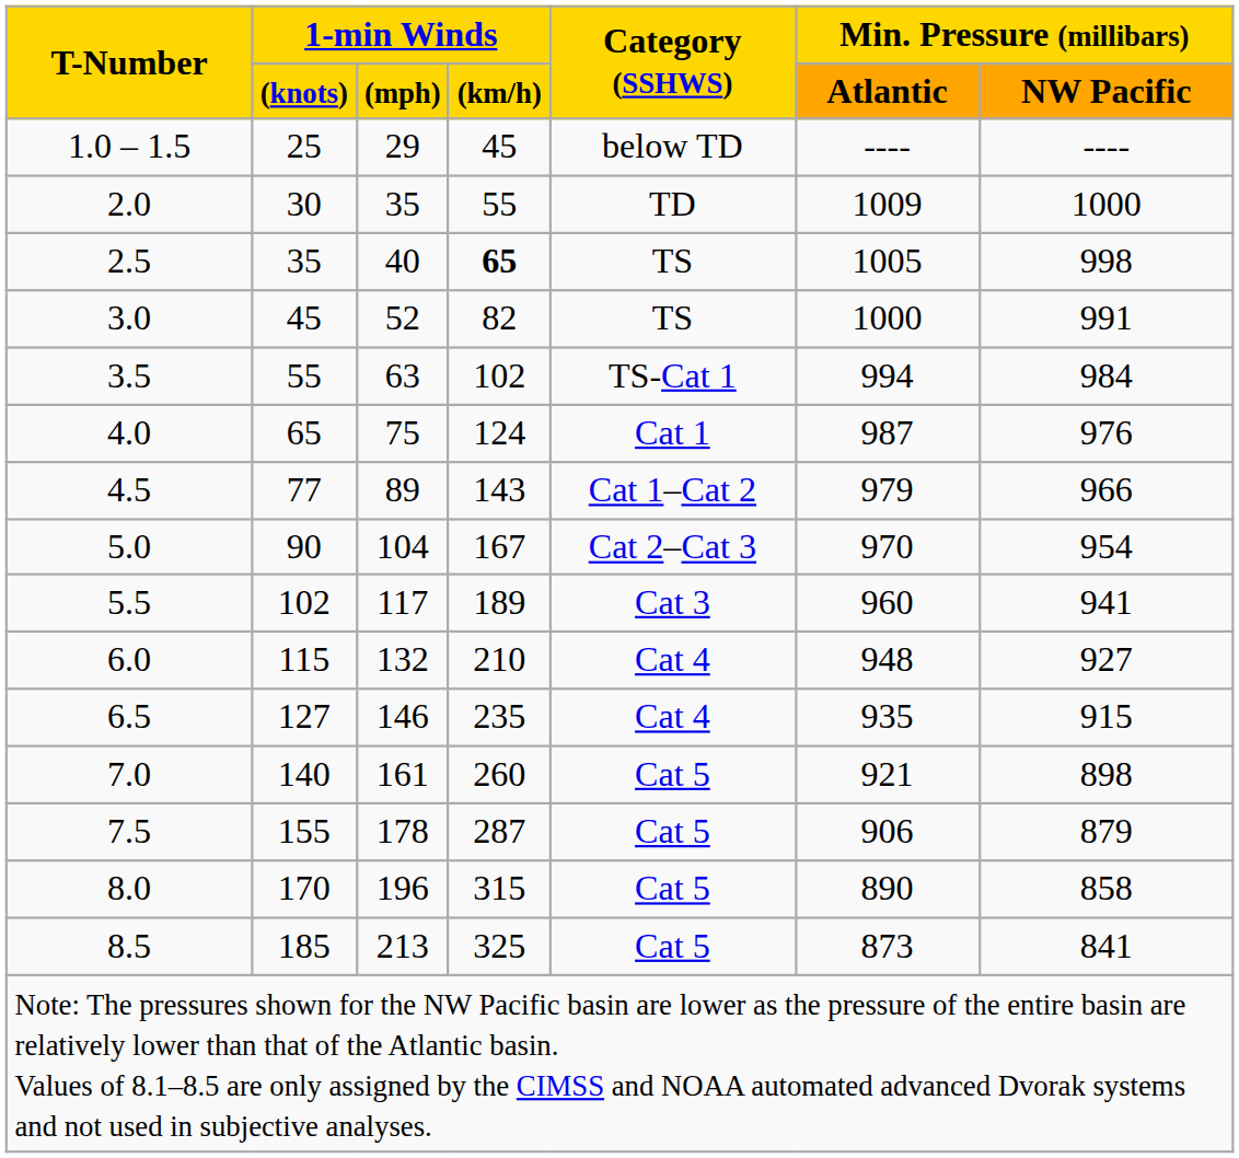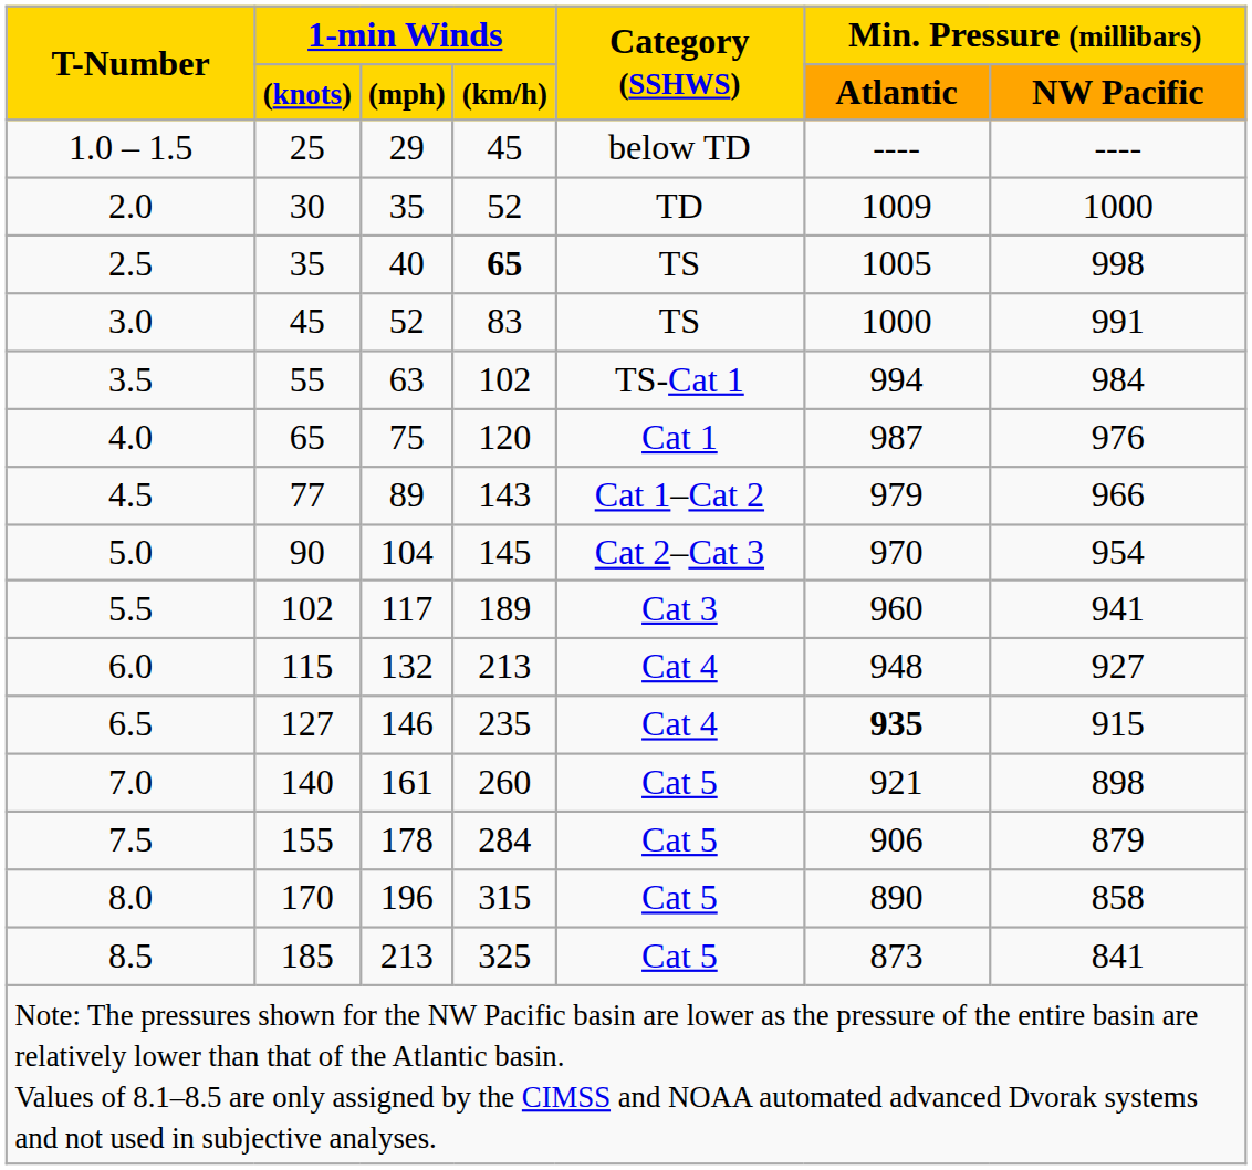 <table class="wikitable" style="float:right; margin-left:1.5em; width:35em; text-align:center; font-size: 92%;">
 <tr>
 <th rowspan=2 width=20% style="background:gold">T-Number</th>
 <th colspan=3 width=20% style="background:gold"><a href='#'>1-min Winds</a></th>
 <th rowspan=2 width=20% style="background:gold">Category <small>(<a href='#'>SSHWS</a>)</small></th>
 <th colspan=2  style="background:gold">Min. Pressure <small>(millibars)</small></th>
 </tr>
 <tr>
 <th style="background:gold"><small>(<a href='#'>knots</a>)</small></th>
 <th style="background:gold"><small>(mph)</small></th>
 <th style="background:gold"><small>(km/h)</small></th>
 <th width=15% style="background:orange">Atlantic</th>
 <th style="background:orange">NW Pacific</th>
 </tr>
 <tr>
 <td>1.0 – 1.5</td>
 <td>25</td>
 <td>29</td>
 <td>45</td>
 <td style="background: #">below TD</td>
 <td>----</td>
 <td>----</td>
 </tr>
 <tr>
 <td>2.0</td>
 <td>30</td>
 <td>35</td>
-<td>55</td>
+<td>52</td>
 <td style="background: #">TD</td>
 <td>1009</td>
 <td>1000</td>
 </tr>
 <tr>
 <td>2.5</td>
 <td>35</td>
 <td>40</td>
 <td><strong>65</strong></td>
 <td style="background: #">TS</td>
 <td>1005</td>
 <td>998</td>
 </tr>
 <tr>
 <td>3.0</td>
 <td>45</td>
 <td>52</td>
-<td>82</td>
+<td>83</td>
 <td style="background: #">TS</td>
 <td>1000</td>
 <td>991</td>
 </tr>
 <tr>
 <td>3.5</td>
 <td>55</td>
 <td>63</td>
 <td>102</td>
 <td style="background: #">TS-<a href='#'>Cat 1</a></td>
 <td>994</td>
 <td>984</td>
 </tr>
 <tr>
 <td>4.0</td>
 <td>65</td>
 <td>75</td>
-<td>124</td>
+<td>120</td>
 <td style="background: #"><a href='#'>Cat 1</a></td>
 <td>987</td>
 <td>976</td>
 </tr>
 <tr>
 <td>4.5</td>
 <td>77</td>
 <td>89</td>
 <td>143</td>
 <td style="background: #"><a href='#'>Cat 1</a>–<a href='#'>Cat 2</a></td>
 <td>979</td>
 <td>966</td>
 </tr>
 <tr>
 <td>5.0</td>
 <td>90</td>
 <td>104</td>
-<td>167</td>
+<td>145</td>
 <td style="background: #"><a href='#'>Cat 2</a>–<a href='#'>Cat 3</a></td>
 <td>970</td>
 <td>954</td>
 </tr>
 <tr>
 <td>5.5</td>
 <td>102</td>
 <td>117</td>
 <td>189</td>
 <td style="background: #"><a href='#'>Cat 3</a></td>
 <td>960</td>
 <td>941</td>
 </tr>
 <tr>
 <td>6.0</td>
 <td>115</td>
 <td>132</td>
-<td>210</td>
+<td>213</td>
 <td style="background: #"><a href='#'>Cat 4</a></td>
 <td>948</td>
 <td>927</td>
 </tr>
 <tr>
 <td>6.5</td>
 <td>127</td>
 <td>146</td>
 <td>235</td>
 <td style="background: #"><a href='#'>Cat 4</a></td>
-<td>935</td>
+<td><strong>935</strong></td>
 <td>915</td>
 </tr>
 <tr>
 <td>7.0</td>
 <td>140</td>
 <td>161</td>
 <td>260</td>
 <td style="background: #"><a href='#'>Cat 5</a></td>
 <td>921</td>
 <td>898</td>
 </tr>
 <tr>
 <td>7.5</td>
 <td>155</td>
 <td>178</td>
-<td>287</td>
+<td>284</td>
 <td style="background: #"><a href='#'>Cat 5</a></td>
 <td>906</td>
 <td>879</td>
 </tr>
 <tr>
 <td>8.0</td>
 <td>170</td>
 <td>196</td>
 <td>315</td>
 <td style="background: #"><a href='#'>Cat 5</a></td>
 <td>890</td>
 <td>858</td>
 </tr>
 <tr>
 <td>8.5</td>
 <td>185</td>
 <td>213</td>
 <td>325</td>
 <td style="background: #"><a href='#'>Cat 5</a></td>
 <td>873</td>
 <td>841</td>
 </tr>
 <tr>
 <td colspan="7" align="left"><small>Note: The pressures shown for the NW Pacific basin are lower as the pressure of the entire basin are relatively lower than that of the Atlantic basin.<br>Values of 8.1–8.5 are only assigned by the <a href='#'>CIMSS</a> and NOAA automated advanced Dvorak systems and not used in subjective analyses.</small></td>
 </tr>
 </table>
